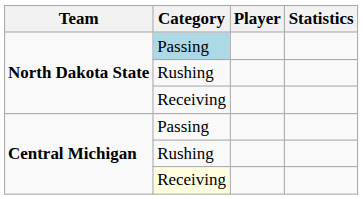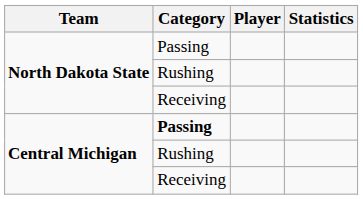 <table class="wikitable" style="float: right;">
 <tr>
 <th>Team</th>
 <th>Category</th>
 <th>Player</th>
 <th>Statistics</th>
 </tr>
 <tr>
 <td rowspan=3><strong>North Dakota State</strong></td>
-<td style="background: lightblue;">Passing</td>
+<td>Passing</td>
 <td></td>
 <td></td>
 </tr>
 <tr>
 <td>Rushing</td>
 <td></td>
 <td></td>
 </tr>
 <tr>
 <td>Receiving</td>
 <td></td>
 <td></td>
 </tr>
 <tr>
 <td rowspan=3><strong>Central Michigan</strong></td>
-<td>Passing</td>
+<td><strong>Passing</strong></td>
 <td></td>
 <td></td>
 </tr>
 <tr>
 <td>Rushing</td>
 <td></td>
 <td></td>
 </tr>
 <tr>
-<td style="background: lightyellow;">Receiving</td>
+<td>Receiving</td>
 <td></td>
 <td></td>
 </tr>
 </table>
